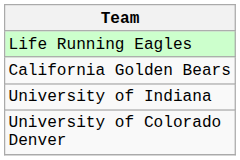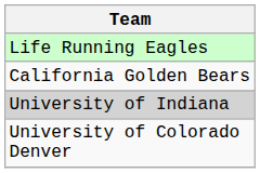 <table class="wikitable" style="text-align: center;">
 <tr>
 <th width="180">Team</th>
 </tr>
 <tr bgcolor=#ccffcc>
 <td align="left">Life Running Eagles</td>
 </tr>
 <tr bgcolor=>
 <td align="left">California Golden Bears</td>
 </tr>
 <tr>
-<td align="left">University of Indiana</td>
+<td align="left" style="background: lightgrey;">University of Indiana</td>
 </tr>
 <tr>
 <td align="left">University of Colorado Denver</td>
 </tr>
 <tr>
 </tr>
 </table>
